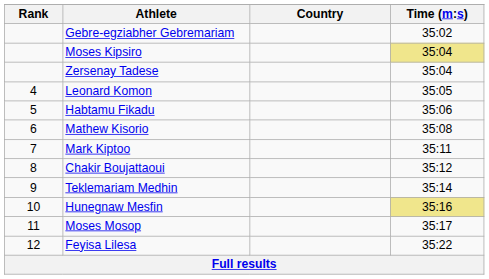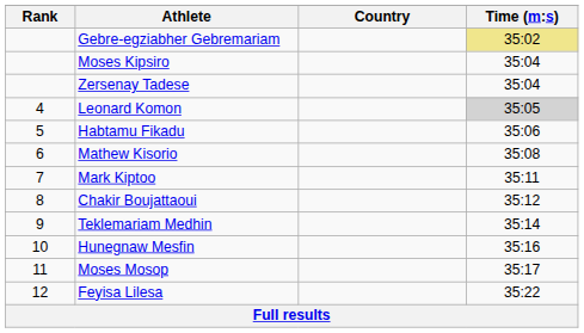 <table class="wikitable" width=50%>
 <tr>
 </tr>
 <tr>
 <th width=5%>Rank</th>
 <th width=20%>Athlete</th>
 <th width=15%>Country</th>
 <th width=10%>Time (<a href='#'>m</a>:<a href='#'>s</a>)</th>
 </tr>
 <tr align="center">
 <td></td>
 <td align="left"><a href='#'>Gebre-egziabher Gebremariam</a></td>
 <td align="left"></td>
-<td>35:02</td>
+<td style="background: khaki;">35:02</td>
 </tr>
 <tr align="center">
 <td></td>
 <td align="left"><a href='#'>Moses Kipsiro</a></td>
 <td align="left"></td>
-<td style="background: khaki;">35:04</td>
+<td>35:04</td>
 </tr>
 <tr align="center">
 <td></td>
 <td align="left"><a href='#'>Zersenay Tadese</a></td>
 <td align="left"></td>
 <td>35:04</td>
 </tr>
 <tr align="center">
 <td>4</td>
 <td align="left"><a href='#'>Leonard Komon</a></td>
 <td align="left"></td>
-<td>35:05</td>
+<td style="background: lightgrey;">35:05</td>
 </tr>
 <tr align="center">
 <td>5</td>
 <td align="left"><a href='#'>Habtamu Fikadu</a></td>
 <td align="left"></td>
 <td>35:06</td>
 </tr>
 <tr align="center">
 <td>6</td>
 <td align="left"><a href='#'>Mathew Kisorio</a></td>
 <td align="left"></td>
 <td>35:08</td>
 </tr>
 <tr align="center">
 <td>7</td>
 <td align="left"><a href='#'>Mark Kiptoo</a></td>
 <td align="left"></td>
 <td>35:11</td>
 </tr>
 <tr align="center">
 <td>8</td>
 <td align="left"><a href='#'>Chakir Boujattaoui</a></td>
 <td align="left"></td>
 <td>35:12</td>
 </tr>
 <tr align="center">
 <td>9</td>
 <td align="left"><a href='#'>Teklemariam Medhin</a></td>
 <td align="left"></td>
 <td>35:14</td>
 </tr>
 <tr align="center">
 <td>10</td>
 <td align="left"><a href='#'>Hunegnaw Mesfin</a></td>
 <td align="left"></td>
-<td style="background: khaki;">35:16</td>
+<td>35:16</td>
 </tr>
 <tr align="center">
 <td>11</td>
 <td align="left"><a href='#'>Moses Mosop</a></td>
 <td align="left"></td>
 <td>35:17</td>
 </tr>
 <tr align="center">
 <td>12</td>
 <td align="left"><a href='#'>Feyisa Lilesa</a></td>
 <td align="left"></td>
 <td>35:22</td>
 </tr>
 <tr>
 <th colspan=4 align=center><a href='#'>Full results</a></th>
 </tr>
 </table>
